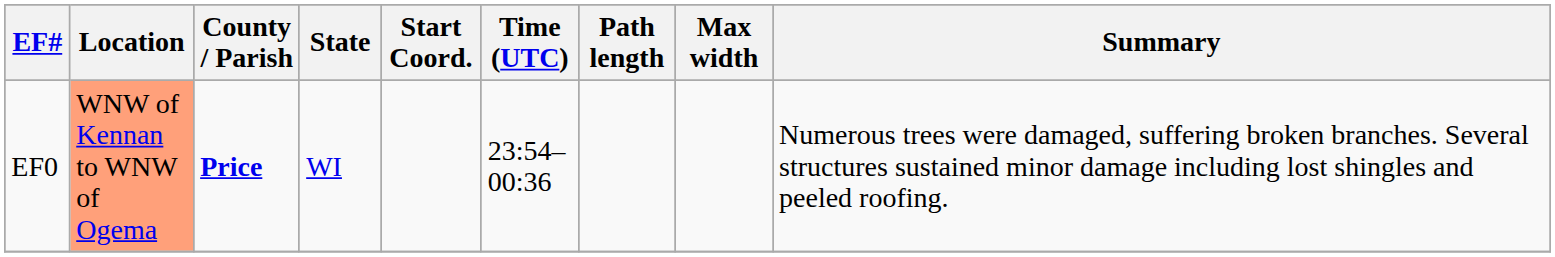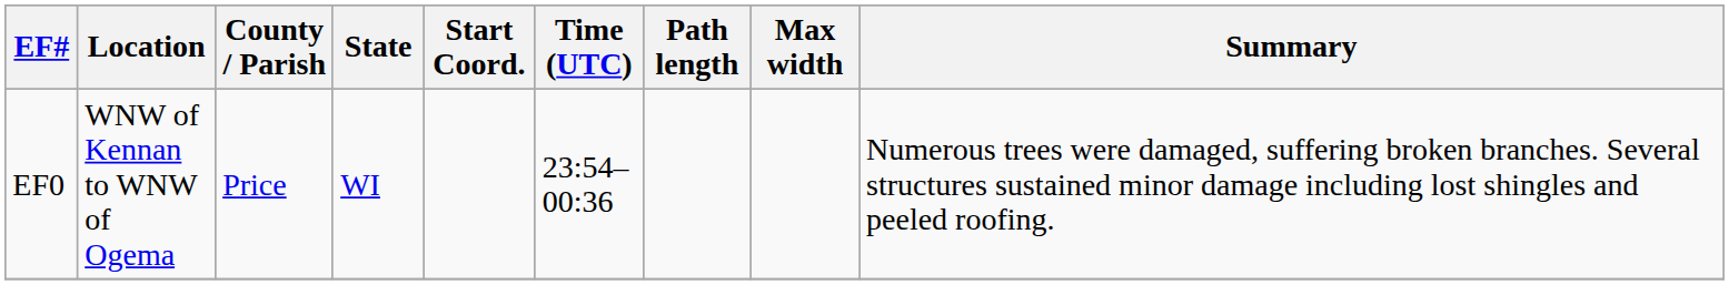 <table class="wikitable sortable" style="width:100%;">
 <tr>
 <th scope="col" style="width:3%; text-align:center;"><a href='#'>EF#</a></th>
 <th scope="col" style="width:7%; text-align:center;" class="unsortable">Location</th>
 <th scope="col" style="width:6%; text-align:center;" class="unsortable">County / Parish</th>
 <th scope="col" style="width:5%; text-align:center;">State</th>
 <th scope="col" style="width:6%; text-align:center;">Start Coord.</th>
 <th scope="col" style="width:6%; text-align:center;">Time (<a href='#'>UTC</a>)</th>
 <th scope="col" style="width:6%; text-align:center;">Path length</th>
 <th scope="col" style="width:6%; text-align:center;">Max width</th>
 <th scope="col" class="unsortable" style="width:48%; text-align:center;">Summary</th>
 </tr>
 <tr>
 <td bgcolor=>EF0</td>
-<td style="background: lightsalmon;">WNW of <a href='#'>Kennan</a> to WNW of <a href='#'>Ogema</a></td>
-<td><strong><a href='#'>Price</a></strong></td>
+<td>WNW of <a href='#'>Kennan</a> to WNW of <a href='#'>Ogema</a></td>
+<td><a href='#'>Price</a></td>
 <td><a href='#'>WI</a></td>
 <td></td>
 <td>23:54–00:36</td>
 <td></td>
 <td></td>
 <td>Numerous trees were damaged, suffering broken branches. Several structures sustained minor damage including lost shingles and peeled roofing.</td>
 </tr>
 <tr>
 </tr>
 </table>
